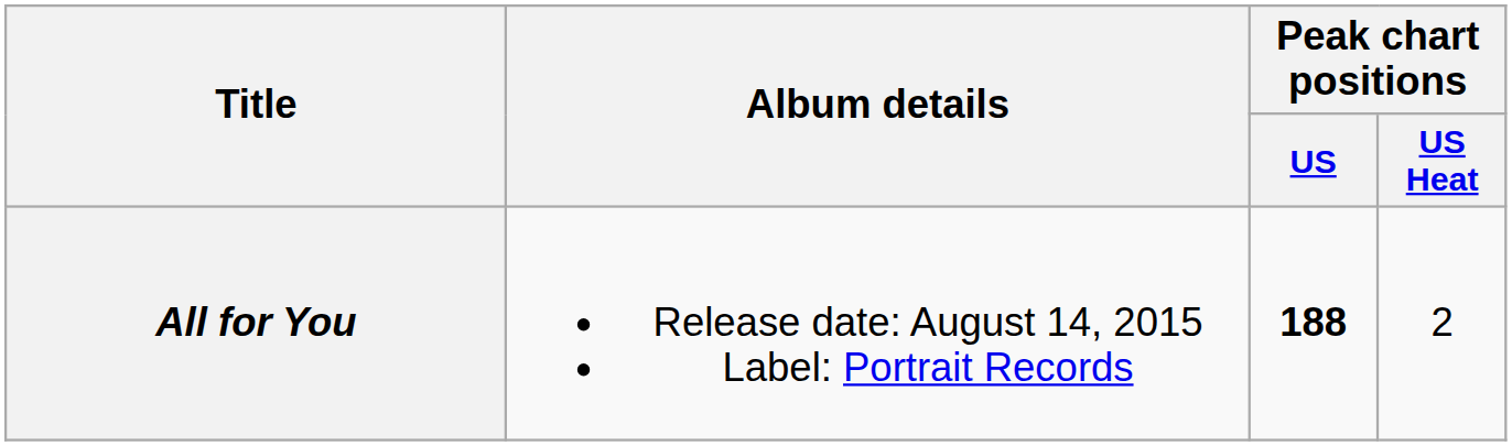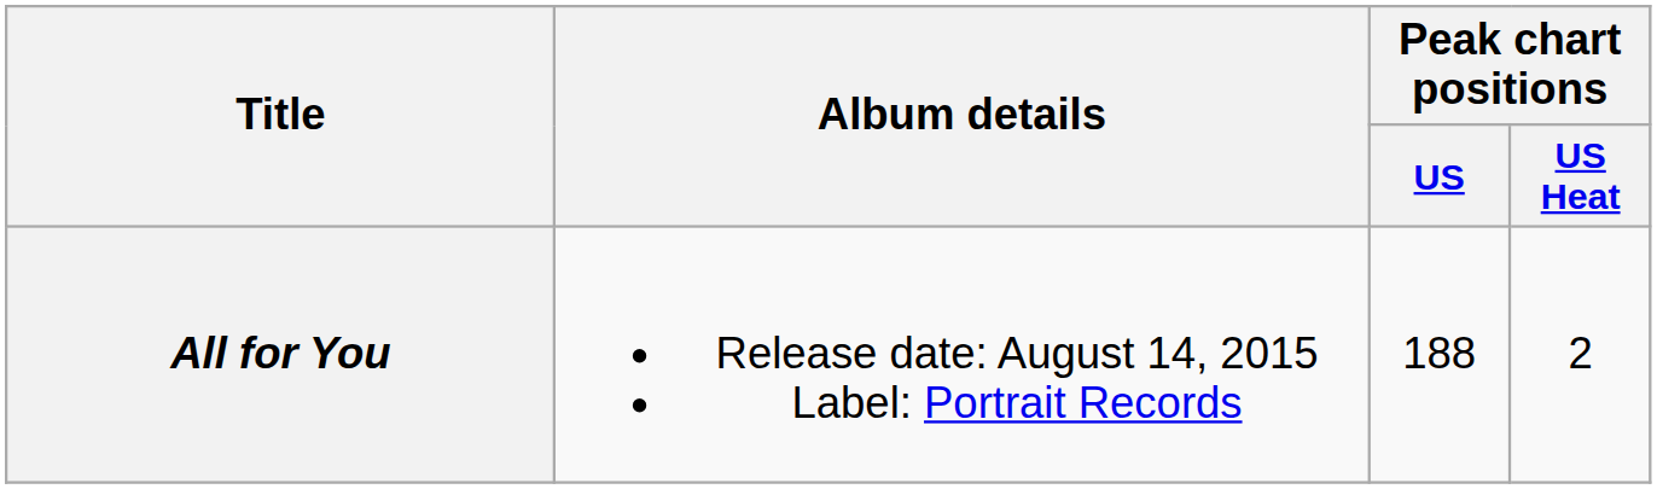 <table class="wikitable plainrowheaders" style="text-align:center;">
 <tr>
 <th rowspan="2" style="width:12em;">Title</th>
 <th rowspan="2" style="width:18em;">Album details</th>
 <th colspan="2">Peak chart<br>positions</th>
 </tr>
 <tr style="font-size:smaller;">
 <th style="width:45px;"><a href='#'>US</a></th>
 <th style="width:45px;"><a href='#'>US Heat</a></th>
 </tr>
 <tr>
 <th scope="row"><em>All for You</em></th>
 <td><br><ul><li>Release date: August 14, 2015</li><li>Label: <a href='#'>Portrait Records</a></li></ul></td>
-<td><strong>188</strong></td>
+<td>188</td>
 <td>2</td>
 </tr>
 </table>
